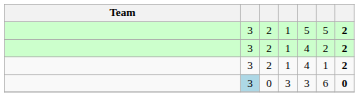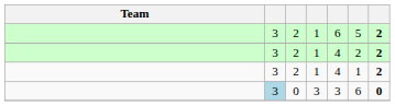 <table class=wikitable style="text-align:center">
 <tr>
 <th width=335>Team</th>
 <th width=20></th>
 <th width=20></th>
 <th width=20></th>
 <th width=20></th>
 <th width=20></th>
 <th width=20></th>
 </tr>
 <tr bgcolor=ccffcc>
 <td style="text-align:left"></td>
 <td>3</td>
 <td>2</td>
 <td>1</td>
-<td>5</td>
+<td>6</td>
 <td>5</td>
 <td><strong>2</strong></td>
 </tr>
 <tr>
 </tr>
 <tr bgcolor=ccffcc>
 <td style="text-align:left"></td>
 <td>3</td>
 <td>2</td>
 <td>1</td>
 <td>4</td>
 <td>2</td>
 <td><strong>2</strong></td>
 </tr>
 <tr>
 <td style="text-align:left"></td>
 <td>3</td>
 <td>2</td>
 <td>1</td>
 <td>4</td>
 <td>1</td>
 <td><strong>2</strong></td>
 </tr>
 <tr>
 <td style="text-align:left"></td>
 <td style="background: lightblue;">3</td>
 <td>0</td>
 <td>3</td>
 <td>3</td>
 <td>6</td>
 <td><strong>0</strong></td>
 </tr>
 <tr>
 </tr>
 </table>
